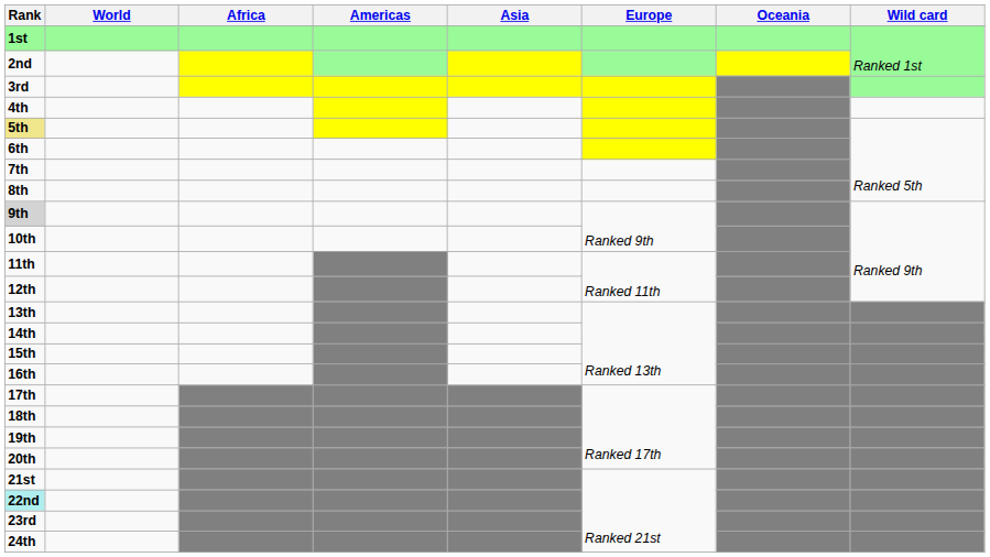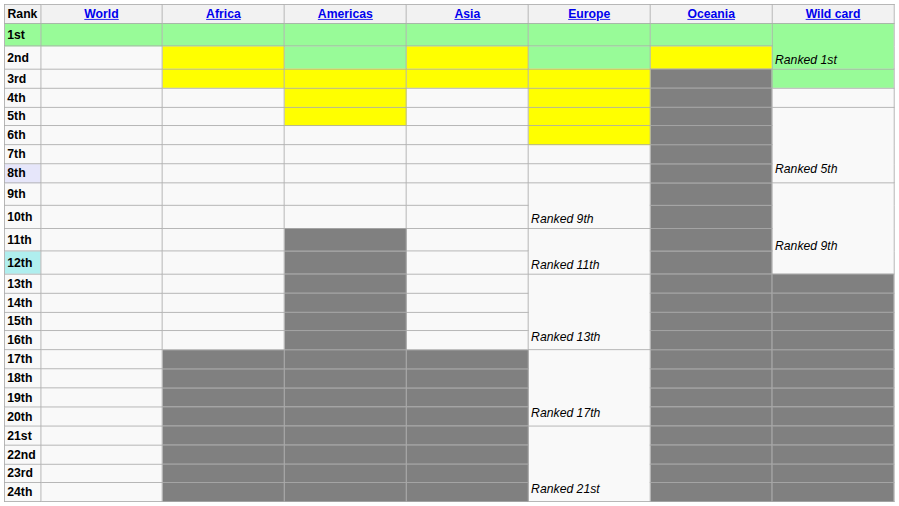 <table class=wikitable  style="font-size:92%;">
 <tr>
 <th width=4%>Rank</th>
 <th width=13.5%><a href='#'>World</a></th>
 <th width=13.5%><a href='#'>Africa</a></th>
 <th width=13.5%><a href='#'>Americas</a></th>
 <th width=13.5%><a href='#'>Asia</a></th>
 <th width=13.5%><a href='#'>Europe</a></th>
 <th width=13.5%><a href='#'>Oceania</a></th>
 <th width=13.5%><a href='#'>Wild card</a></th>
 </tr>
 <tr bgcolor="#98fb98">
 <td><strong>1st</strong></td>
 <td></td>
 <td></td>
 <td></td>
 <td></td>
 <td></td>
 <td></td>
 <td rowspan=2 valign=top><br><br><em>Ranked 1st</em></td>
 </tr>
 <tr>
 <td><strong>2nd</strong></td>
 <td></td>
 <td bgcolor=yellow></td>
 <td bgcolor=#98fb98></td>
 <td bgcolor=yellow></td>
 <td bgcolor=#98fb98></td>
 <td bgcolor=yellow></td>
 </tr>
 <tr>
 <td><strong>3rd</strong></td>
 <td></td>
 <td bgcolor=yellow></td>
 <td bgcolor=yellow></td>
 <td bgcolor=yellow></td>
 <td bgcolor=yellow></td>
 <td bgcolor=gray></td>
 <td bgcolor=#98fb98></td>
 </tr>
 <tr>
 <td><strong>4th</strong></td>
 <td></td>
 <td></td>
 <td bgcolor=yellow></td>
 <td></td>
 <td bgcolor=yellow></td>
 <td bgcolor=gray></td>
 <td></td>
 </tr>
 <tr>
-<td style="background: khaki;"><strong>5th</strong></td>
+<td><strong>5th</strong></td>
 <td></td>
 <td></td>
 <td bgcolor=yellow></td>
 <td></td>
 <td bgcolor=yellow></td>
 <td bgcolor=gray></td>
 <td rowspan=4 valign=top><br><br><br><br><em>Ranked 5th</em></td>
 </tr>
 <tr>
 <td><strong>6th</strong></td>
 <td></td>
 <td></td>
 <td></td>
 <td></td>
 <td bgcolor=yellow></td>
 <td bgcolor=gray></td>
 </tr>
 <tr>
 <td><strong>7th</strong></td>
 <td></td>
 <td></td>
 <td></td>
 <td></td>
 <td></td>
 <td bgcolor=gray></td>
 </tr>
 <tr>
-<td><strong>8th</strong></td>
+<td style="background: lavender;"><strong>8th</strong></td>
 <td></td>
 <td></td>
 <td></td>
 <td></td>
 <td></td>
 <td bgcolor=gray></td>
 </tr>
 <tr>
-<td style="background: lightgrey;"><strong>9th</strong></td>
+<td><strong>9th</strong></td>
 <td></td>
 <td></td>
 <td></td>
 <td></td>
 <td rowspan=2 valign=top><br><br><em>Ranked 9th</em></td>
 <td bgcolor=gray></td>
 <td rowspan=4 valign=top><br><br><br><br><em>Ranked 9th</em></td>
 </tr>
 <tr>
 <td><strong>10th</strong></td>
 <td></td>
 <td></td>
 <td></td>
 <td></td>
 <td bgcolor=gray></td>
 </tr>
 <tr>
 <td><strong>11th</strong></td>
 <td></td>
 <td></td>
 <td bgcolor=gray></td>
 <td></td>
 <td rowspan=2><br><br><em>Ranked 11th</em></td>
 <td bgcolor=gray></td>
 </tr>
 <tr>
-<td><strong>12th</strong></td>
+<td style="background: paleturquoise;"><strong>12th</strong></td>
 <td></td>
 <td></td>
 <td bgcolor=gray></td>
 <td></td>
 <td bgcolor=gray></td>
 </tr>
 <tr>
 <td><strong>13th</strong></td>
 <td></td>
 <td></td>
 <td bgcolor=gray></td>
 <td></td>
 <td rowspan=4 valign=top><br><br><span></span><br><br><em>Ranked 13th</em></td>
 <td bgcolor=gray></td>
 <td bgcolor=gray></td>
 </tr>
 <tr>
 <td><strong>14th</strong></td>
 <td></td>
 <td></td>
 <td bgcolor=gray></td>
 <td></td>
 <td bgcolor=gray></td>
 <td bgcolor=gray></td>
 </tr>
 <tr>
 <td><strong>15th</strong></td>
 <td></td>
 <td></td>
 <td bgcolor=gray></td>
 <td></td>
 <td bgcolor=gray></td>
 <td bgcolor=gray></td>
 </tr>
 <tr>
 <td><strong>16th</strong></td>
 <td></td>
 <td></td>
 <td bgcolor=gray></td>
 <td></td>
 <td bgcolor=gray></td>
 <td bgcolor=gray></td>
 </tr>
 <tr>
 <td><strong>17th</strong></td>
 <td></td>
 <td bgcolor=gray></td>
 <td bgcolor=gray></td>
 <td bgcolor=gray></td>
 <td rowspan=4 valign=top><br><br><br><br><em>Ranked 17th</em></td>
 <td bgcolor=gray></td>
 <td bgcolor=gray></td>
 </tr>
 <tr>
 <td><strong>18th</strong></td>
 <td></td>
 <td bgcolor=gray></td>
 <td bgcolor=gray></td>
 <td bgcolor=gray></td>
 <td bgcolor=gray></td>
 <td bgcolor=gray></td>
 </tr>
 <tr>
 <td><strong>19th</strong></td>
 <td></td>
 <td bgcolor=gray></td>
 <td bgcolor=gray></td>
 <td bgcolor=gray></td>
 <td bgcolor=gray></td>
 <td bgcolor=gray></td>
 </tr>
 <tr>
 <td><strong>20th</strong></td>
 <td></td>
 <td bgcolor=gray></td>
 <td bgcolor=gray></td>
 <td bgcolor=gray></td>
 <td bgcolor=gray></td>
 <td bgcolor=gray></td>
 </tr>
 <tr>
 <td><strong>21st</strong></td>
 <td></td>
 <td bgcolor=gray></td>
 <td bgcolor=gray></td>
 <td bgcolor=gray></td>
 <td rowspan=4 valign=top><br><br><br><br><em>Ranked 21st</em></td>
 <td bgcolor=gray></td>
 <td bgcolor=gray></td>
 </tr>
 <tr>
-<td style="background: paleturquoise;"><strong>22nd</strong></td>
+<td><strong>22nd</strong></td>
 <td></td>
 <td bgcolor=gray></td>
 <td bgcolor=gray></td>
 <td bgcolor=gray></td>
 <td bgcolor=gray></td>
 <td bgcolor=gray></td>
 </tr>
 <tr>
 <td><strong>23rd</strong></td>
 <td></td>
 <td bgcolor=gray></td>
 <td bgcolor=gray></td>
 <td bgcolor=gray></td>
 <td bgcolor=gray></td>
 <td bgcolor=gray></td>
 </tr>
 <tr>
 <td><strong>24th</strong></td>
 <td></td>
 <td bgcolor=gray></td>
 <td bgcolor=gray></td>
 <td bgcolor=gray></td>
 <td bgcolor=gray></td>
 <td bgcolor=gray></td>
 </tr>
 </table>
